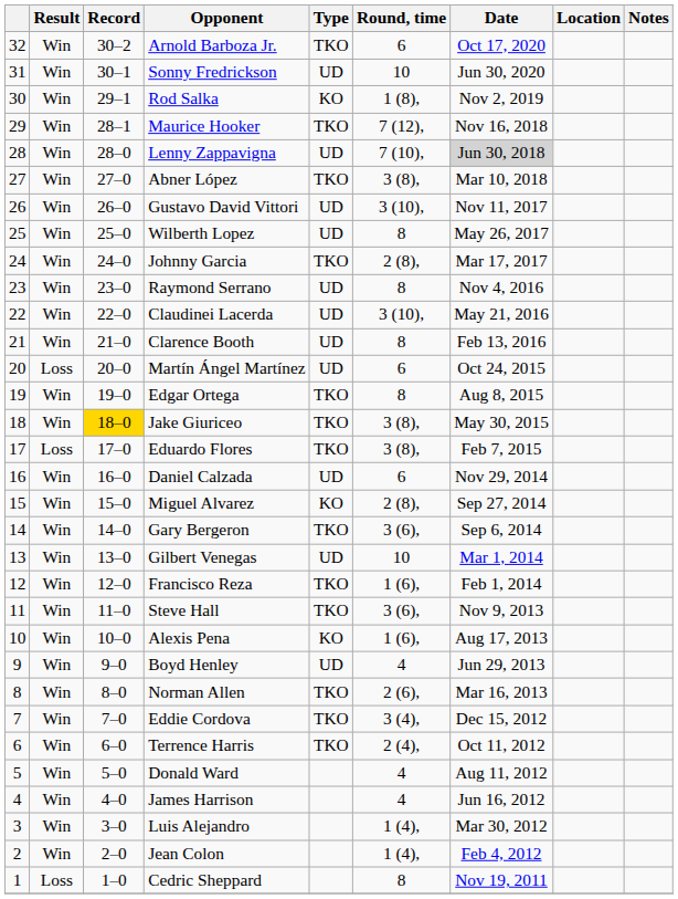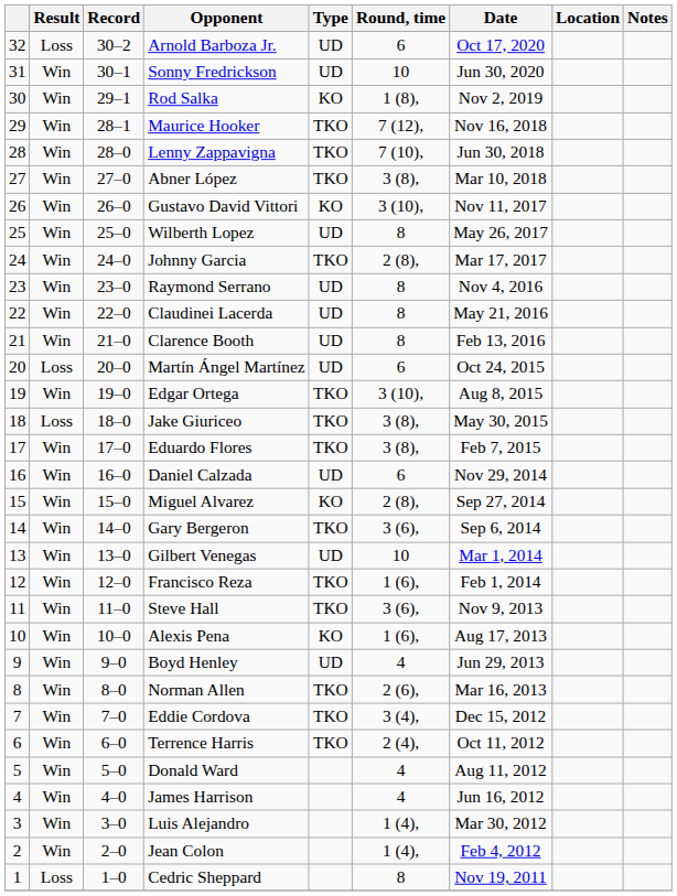 <table class="wikitable" style="text-align:center">
 <tr>
 <th></th>
 <th>Result</th>
 <th>Record</th>
 <th>Opponent</th>
 <th>Type</th>
 <th>Round, time</th>
 <th>Date</th>
 <th>Location</th>
 <th>Notes</th>
 </tr>
 <tr>
 <td>32</td>
-<td>Win</td>
+<td>Loss</td>
 <td>30–2</td>
 <td align=left><a href='#'>Arnold Barboza Jr.</a></td>
-<td>TKO</td>
+<td>UD</td>
 <td>6</td>
 <td><a href='#'>Oct 17, 2020</a></td>
 <td align=left></td>
 <td align=left></td>
 </tr>
 <tr>
 <td>31</td>
 <td>Win</td>
 <td>30–1</td>
 <td align=left><a href='#'>Sonny Fredrickson</a></td>
 <td>UD</td>
 <td>10</td>
 <td>Jun 30, 2020</td>
 <td align=left></td>
 <td></td>
 </tr>
 <tr>
 <td>30</td>
 <td>Win</td>
 <td>29–1</td>
 <td align=left><a href='#'>Rod Salka</a></td>
 <td>KO</td>
 <td>1 (8), </td>
 <td>Nov 2, 2019</td>
 <td align=left></td>
 <td></td>
 </tr>
 <tr>
 <td>29</td>
 <td>Win</td>
 <td>28–1</td>
 <td align=left><a href='#'>Maurice Hooker</a></td>
 <td>TKO</td>
 <td>7 (12), </td>
 <td>Nov 16, 2018</td>
 <td align=left></td>
 <td align=left></td>
 </tr>
 <tr>
 <td>28</td>
 <td>Win</td>
 <td>28–0</td>
 <td align=left><a href='#'>Lenny Zappavigna</a></td>
-<td>UD</td>
+<td>TKO</td>
 <td>7 (10), </td>
-<td style="background: lightgrey;">Jun 30, 2018</td>
+<td>Jun 30, 2018</td>
 <td align=left></td>
 <td align=left></td>
 </tr>
 <tr>
 <td>27</td>
 <td>Win</td>
 <td>27–0</td>
 <td align=left>Abner López</td>
 <td>TKO</td>
 <td>3 (8), </td>
 <td>Mar 10, 2018</td>
 <td align=left></td>
 <td align=left></td>
 </tr>
 <tr>
 <td>26</td>
 <td>Win</td>
 <td>26–0</td>
 <td align=left>Gustavo David Vittori</td>
-<td>UD</td>
+<td>KO</td>
 <td>3 (10), </td>
 <td>Nov 11, 2017</td>
 <td align=left></td>
 <td align=left></td>
 </tr>
 <tr>
 <td>25</td>
 <td>Win</td>
 <td>25–0</td>
 <td align=left>Wilberth Lopez</td>
 <td>UD</td>
 <td>8</td>
 <td>May 26, 2017</td>
 <td align=left></td>
 <td></td>
 </tr>
 <tr>
 <td>24</td>
 <td>Win</td>
 <td>24–0</td>
 <td align=left>Johnny Garcia</td>
 <td>TKO</td>
 <td>2 (8), </td>
 <td>Mar 17, 2017</td>
 <td align=left></td>
 <td></td>
 </tr>
 <tr>
 <td>23</td>
 <td>Win</td>
 <td>23–0</td>
 <td align=left>Raymond Serrano</td>
 <td>UD</td>
 <td>8</td>
 <td>Nov 4, 2016</td>
 <td align=left></td>
 <td></td>
 </tr>
 <tr>
 <td>22</td>
 <td>Win</td>
 <td>22–0</td>
 <td align=left>Claudinei Lacerda</td>
 <td>UD</td>
-<td>3 (10), </td>
+<td>8</td>
 <td>May 21, 2016</td>
 <td align=left></td>
 <td></td>
 </tr>
 <tr>
 <td>21</td>
 <td>Win</td>
 <td>21–0</td>
 <td align=left>Clarence Booth</td>
 <td>UD</td>
 <td>8</td>
 <td>Feb 13, 2016</td>
 <td align=left></td>
 <td></td>
 </tr>
 <tr>
 <td>20</td>
 <td>Loss</td>
 <td>20–0</td>
 <td align=left>Martín Ángel Martínez</td>
 <td>UD</td>
 <td>6</td>
 <td>Oct 24, 2015</td>
 <td align=left></td>
 <td></td>
 </tr>
 <tr>
 <td>19</td>
 <td>Win</td>
 <td>19–0</td>
 <td align=left>Edgar Ortega</td>
 <td>TKO</td>
-<td>8</td>
+<td>3 (10), </td>
 <td>Aug 8, 2015</td>
 <td align=left></td>
 <td></td>
 </tr>
 <tr>
 <td>18</td>
-<td>Win</td>
-<td style="background: gold;">18–0</td>
+<td>Loss</td>
+<td>18–0</td>
 <td align=left>Jake Giuriceo</td>
 <td>TKO</td>
 <td>3 (8), </td>
 <td>May 30, 2015</td>
 <td align=left></td>
 <td></td>
 </tr>
 <tr>
 <td>17</td>
-<td>Loss</td>
+<td>Win</td>
 <td>17–0</td>
 <td align=left>Eduardo Flores</td>
 <td>TKO</td>
 <td>3 (8), </td>
 <td>Feb 7, 2015</td>
 <td align=left></td>
 <td></td>
 </tr>
 <tr>
 <td>16</td>
 <td>Win</td>
 <td>16–0</td>
 <td align=left>Daniel Calzada</td>
 <td>UD</td>
 <td>6</td>
 <td>Nov 29, 2014</td>
 <td align=left></td>
 <td></td>
 </tr>
 <tr>
 <td>15</td>
 <td>Win</td>
 <td>15–0</td>
 <td align=left>Miguel Alvarez</td>
 <td>KO</td>
 <td>2 (8), </td>
 <td>Sep 27, 2014</td>
 <td align=left></td>
 <td></td>
 </tr>
 <tr>
 <td>14</td>
 <td>Win</td>
 <td>14–0</td>
 <td align=left>Gary Bergeron</td>
 <td>TKO</td>
 <td>3 (6), </td>
 <td>Sep 6, 2014</td>
 <td align=left></td>
 <td></td>
 </tr>
 <tr>
 <td>13</td>
 <td>Win</td>
 <td>13–0</td>
 <td align=left>Gilbert Venegas</td>
 <td>UD</td>
 <td>10</td>
 <td><a href='#'>Mar 1, 2014</a></td>
 <td align=left></td>
 <td></td>
 </tr>
 <tr>
 <td>12</td>
 <td>Win</td>
 <td>12–0</td>
 <td align=left>Francisco Reza</td>
 <td>TKO</td>
 <td>1 (6), </td>
 <td>Feb 1, 2014</td>
 <td align=left></td>
 <td></td>
 </tr>
 <tr>
 <td>11</td>
 <td>Win</td>
 <td>11–0</td>
 <td align=left>Steve Hall</td>
 <td>TKO</td>
 <td>3 (6), </td>
 <td>Nov 9, 2013</td>
 <td align=left></td>
 <td></td>
 </tr>
 <tr>
 <td>10</td>
 <td>Win</td>
 <td>10–0</td>
 <td align=left>Alexis Pena</td>
 <td>KO</td>
 <td>1 (6), </td>
 <td>Aug 17, 2013</td>
 <td align=left></td>
 <td></td>
 </tr>
 <tr>
 <td>9</td>
 <td>Win</td>
 <td>9–0</td>
 <td align=left>Boyd Henley</td>
 <td>UD</td>
 <td>4</td>
 <td>Jun 29, 2013</td>
 <td align=left></td>
 <td></td>
 </tr>
 <tr>
 <td>8</td>
 <td>Win</td>
 <td>8–0</td>
 <td align=left>Norman Allen</td>
 <td>TKO</td>
 <td>2 (6), </td>
 <td>Mar 16, 2013</td>
 <td align=left></td>
 <td></td>
 </tr>
 <tr>
 <td>7</td>
 <td>Win</td>
 <td>7–0</td>
 <td align=left>Eddie Cordova</td>
 <td>TKO</td>
 <td>3 (4), </td>
 <td>Dec 15, 2012</td>
 <td align=left></td>
 <td></td>
 </tr>
 <tr>
 <td>6</td>
 <td>Win</td>
 <td>6–0</td>
 <td align=left>Terrence Harris</td>
 <td>TKO</td>
 <td>2 (4), </td>
 <td>Oct 11, 2012</td>
 <td align=left></td>
 <td></td>
 </tr>
 <tr>
 <td>5</td>
 <td>Win</td>
 <td>5–0</td>
 <td align=left>Donald Ward</td>
 <td></td>
 <td>4</td>
 <td>Aug 11, 2012</td>
 <td align=left></td>
 <td></td>
 </tr>
 <tr>
 <td>4</td>
 <td>Win</td>
 <td>4–0</td>
 <td align=left>James Harrison</td>
 <td></td>
 <td>4</td>
 <td>Jun 16, 2012</td>
 <td align=left></td>
 <td></td>
 </tr>
 <tr>
 <td>3</td>
 <td>Win</td>
 <td>3–0</td>
 <td align=left>Luis Alejandro</td>
 <td></td>
 <td>1 (4), </td>
 <td>Mar 30, 2012</td>
 <td align=left></td>
 <td></td>
 </tr>
 <tr>
 <td>2</td>
 <td>Win</td>
 <td>2–0</td>
 <td align=left>Jean Colon</td>
 <td></td>
 <td>1 (4), </td>
 <td><a href='#'>Feb 4, 2012</a></td>
 <td align=left></td>
 <td></td>
 </tr>
 <tr>
 <td>1</td>
 <td>Loss</td>
 <td>1–0</td>
 <td align=left>Cedric Sheppard</td>
 <td></td>
 <td>8</td>
 <td><a href='#'>Nov 19, 2011</a></td>
 <td align=left></td>
 <td></td>
 </tr>
 <tr>
 </tr>
 </table>
